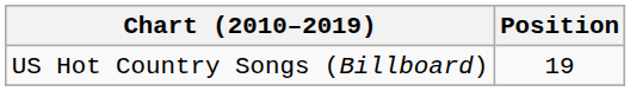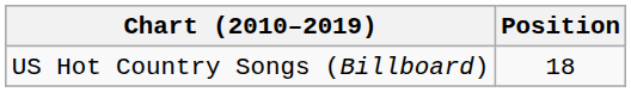 <table class="wikitable">
 <tr>
 <th>Chart (2010–2019)</th>
 <th>Position</th>
 </tr>
 <tr>
 <td>US Hot Country Songs (<em>Billboard</em>)</td>
-<td style="text-align:center;">19</td>
+<td style="text-align:center;">18</td>
 </tr>
 </table>
